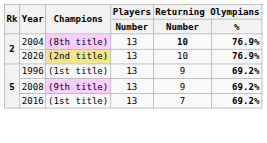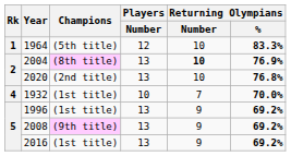 <table class="wikitable sortable sticky-header-multi" style="text-align: center; display: inline-table;">
 <tr>
 <th scope="col" rowspan="2">Rk</th>
 <th scope="col" rowspan="2">Year</th>
 <th scope="col" rowspan="2">Champions</th>
 <th scope="col" class="unsortable">Players</th>
 <th scope="colgroup" colspan="2" class="unsortable">Returning Olympians</th>
 </tr>
 <tr>
 <th scope="col">Number</th>
 <th scope="col">Number</th>
 <th scope="col">%</th>
 </tr>
 <tr>
+<th scope="row">1</th>
+<td>1964</td>
+<td style="text-align: left;"> (5th title)</td>
+<td>12</td>
+<td>10</td>
+<td style="text-align: right;"><strong>83.3%</strong></td>
+</tr>
+<tr>
 <th scope="rowgroup" rowspan="2">2</th>
 <td>2004</td>
 <td style="background-color: #ffccff; text-align: left;"> (8th title)</td>
 <td>13</td>
 <td><strong>10</strong></td>
 <td style="text-align: right;"><strong>76.9%</strong></td>
 </tr>
 <tr>
 <td>2020</td>
-<td style="background: khaki; text-align: left;"> (2nd title)</td>
+<td style="text-align: left;"> (2nd title)</td>
 <td>13</td>
 <td>10</td>
-<td style="text-align: right;"><strong>76.9%</strong></td>
+<td style="text-align: right;"><strong>76.8%</strong></td>
+</tr>
+<tr>
+<th scope="row">4</th>
+<td>1932</td>
+<td style="text-align: left;"> (1st title)</td>
+<td>10</td>
+<td>7</td>
+<td style="text-align: right;"><strong>70.0%</strong></td>
 </tr>
 <tr>
 <th scope="rowgroup" rowspan="3">5</th>
 <td>1996</td>
 <td style="text-align: left;"> (1st title)</td>
 <td>13</td>
 <td>9</td>
 <td style="text-align: right;"><strong>69.2%</strong></td>
 </tr>
 <tr>
 <td>2008</td>
 <td style="background-color: #ffccff; text-align: left;"> (9th title)</td>
 <td>13</td>
 <td>9</td>
 <td style="text-align: right;"><strong>69.2%</strong></td>
 </tr>
 <tr>
 <td>2016</td>
 <td style="text-align: left;"> (1st title)</td>
 <td>13</td>
-<td>7</td>
+<td>9</td>
 <td style="text-align: right;"><strong>69.2%</strong></td>
 </tr>
 </table>
